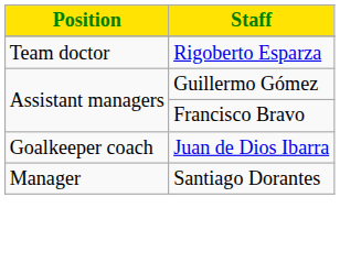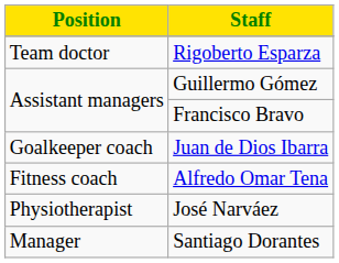 <table class="wikitable">
 <tr>
 <th style=background-color:#FFE302;color:green>Position</th>
 <th style=background-color:#FFE302;color:green>Staff</th>
 </tr>
 <tr>
 </tr>
 <tr>
 <td>Team doctor</td>
 <td> <a href='#'>Rigoberto Esparza</a></td>
 </tr>
 <tr>
 <td rowspan="2">Assistant managers</td>
 <td> Guillermo Gómez</td>
 </tr>
 <tr>
 <td> Francisco Bravo</td>
 </tr>
 <tr>
 <td>Goalkeeper coach</td>
 <td> <a href='#'>Juan de Dios Ibarra</a></td>
 </tr>
 <tr>
+<td>Fitness coach</td>
+<td> <a href='#'>Alfredo Omar Tena</a></td>
+</tr>
+<tr>
+<td>Physiotherapist</td>
+<td> José Narváez</td>
+</tr>
+<tr>
 <td>Manager</td>
 <td> Santiago Dorantes</td>
 </tr>
 </table>
